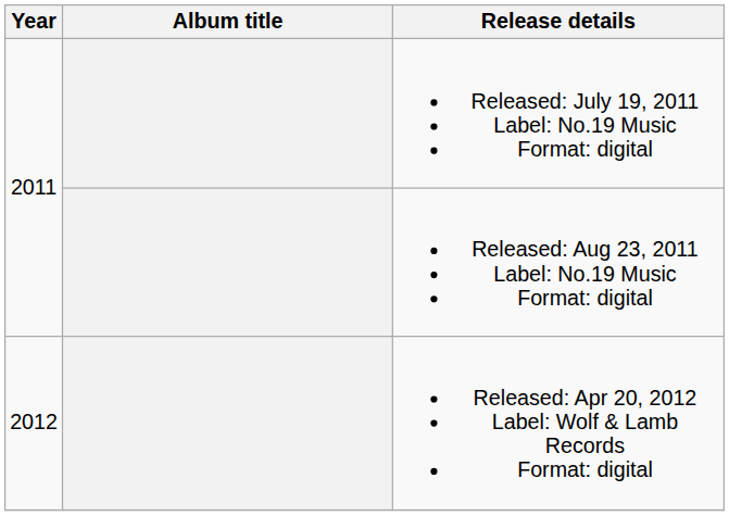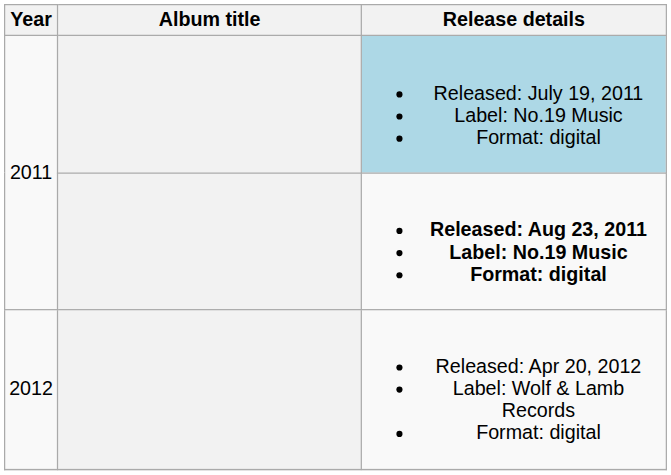 <table class="wikitable plainrowheaders" style="text-align:center;">
 <tr>
 <th>Year</th>
 <th scope="col" rowspan="1" style="width:15em;">Album title</th>
 <th scope="col" rowspan="1" style="width:15em;">Release details</th>
 </tr>
 <tr>
 <td rowspan="2">2011</td>
 <th></th>
-<td><br><ul><li>Released: July 19, 2011</li><li>Label: No.19 Music</li><li>Format: digital</li></ul></td>
+<td style="background: lightblue;"><br><ul><li>Released: July 19, 2011</li><li>Label: No.19 Music</li><li>Format: digital</li></ul></td>
 </tr>
 <tr>
 <th></th>
-<td><br><ul><li>Released: Aug 23, 2011</li><li>Label: No.19 Music</li><li>Format: digital</li></ul></td>
+<td><strong><br><ul><li>Released: Aug 23, 2011</li><li>Label: No.19 Music</li><li>Format: digital</li></ul></strong></td>
 </tr>
 <tr>
 <td>2012</td>
 <th></th>
 <td><br><ul><li>Released: Apr 20, 2012</li><li>Label: Wolf & Lamb Records</li><li>Format: digital</li></ul></td>
 </tr>
 <tr>
 </tr>
 </table>
